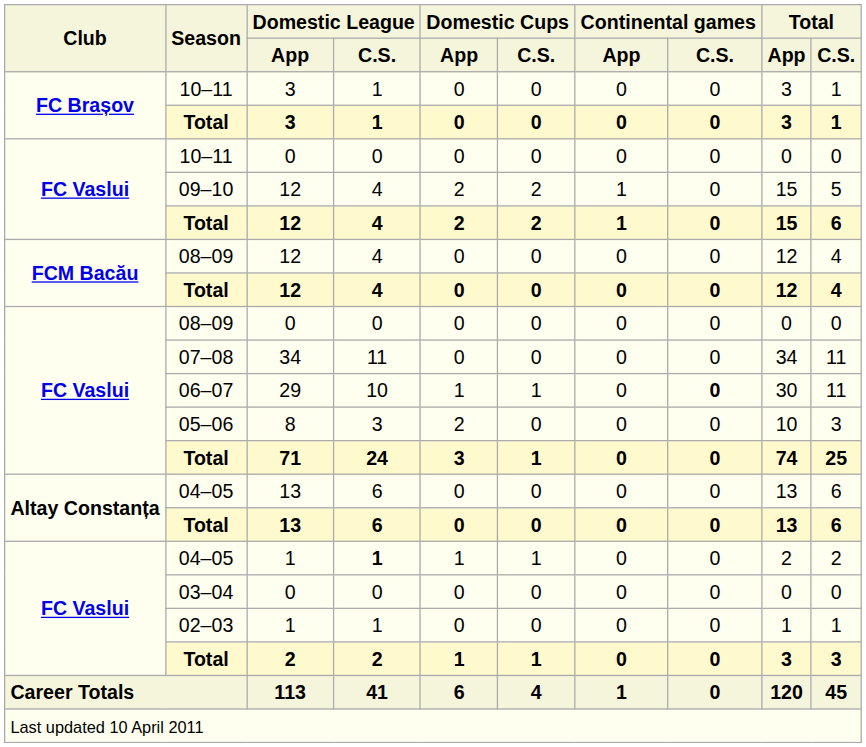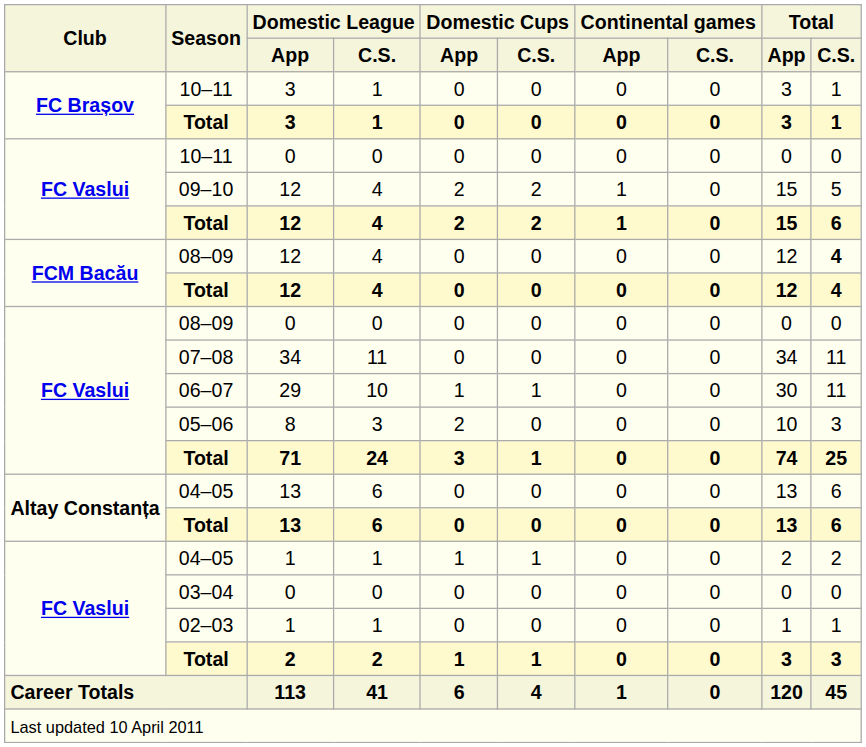 <table border=1 cellpadding=4 cellspacing=2 style="background: ivory; font-size: 95%; border: 1px #aaaaaa solid; border-collapse: collapse; clear:center">
 <tr style="background:beige">
 <th rowspan="2">Club</th>
 <th rowspan="2">Season</th>
 <th colspan="2">Domestic League</th>
 <th colspan="2">Domestic Cups</th>
 <th colspan="2">Continental games</th>
 <th colspan="2">Total</th>
 </tr>
 <tr style="background:beige">
 <th>App</th>
 <th>C.S.</th>
 <th>App</th>
 <th>C.S.</th>
 <th>App</th>
 <th>C.S.</th>
 <th>App</th>
 <th>C.S.</th>
 </tr>
 <tr>
 <td rowspan="2" align=center valign=center><strong><a href='#'>FC Brașov</a></strong></td>
 <td align="center">10–11</td>
 <td align="center">3</td>
 <td align="center">1</td>
 <td align="center">0</td>
 <td align="center">0</td>
 <td align="center">0</td>
 <td align="center">0</td>
 <td align="center">3</td>
 <td align="center">1</td>
 </tr>
 <tr style="background:lemonchiffon">
 <th>Total</th>
 <th>3</th>
 <th>1</th>
 <th>0</th>
 <th>0</th>
 <th>0</th>
 <th>0</th>
 <th>3</th>
 <th>1</th>
 </tr>
 <tr>
 <td rowspan="3" align=center valign=center><strong><a href='#'>FC Vaslui</a></strong></td>
 <td align="center">10–11</td>
 <td align="center">0</td>
 <td align="center">0</td>
 <td align="center">0</td>
 <td align="center">0</td>
 <td align="center">0</td>
 <td align="center">0</td>
 <td align="center">0</td>
 <td align="center">0</td>
 </tr>
 <tr>
 <td align="center">09–10</td>
 <td align="center">12</td>
 <td align="center">4</td>
 <td align="center">2</td>
 <td align="center">2</td>
 <td align="center">1</td>
 <td align="center">0</td>
 <td align="center">15</td>
 <td align="center">5</td>
 </tr>
 <tr style="background:lemonchiffon">
 <th>Total</th>
 <th>12</th>
 <th>4</th>
 <th>2</th>
 <th>2</th>
 <th>1</th>
 <th>0</th>
 <th>15</th>
 <th>6</th>
 </tr>
 <tr>
 <td rowspan="2" align=center valign=center><strong><a href='#'>FCM Bacău</a></strong></td>
 <td align="center">08–09</td>
 <td align="center">12</td>
 <td align="center">4</td>
 <td align="center">0</td>
 <td align="center">0</td>
 <td align="center">0</td>
 <td align="center">0</td>
 <td align="center">12</td>
-<td align="center">4</td>
+<td align="center"><strong>4</strong></td>
 </tr>
 <tr style="background:lemonchiffon">
 <th>Total</th>
 <th>12</th>
 <th>4</th>
 <th>0</th>
 <th>0</th>
 <th>0</th>
 <th>0</th>
 <th>12</th>
 <th>4</th>
 </tr>
 <tr>
 <td rowspan="5" align=center valign=center><strong><a href='#'>FC Vaslui</a></strong></td>
 <td align="center">08–09</td>
 <td align="center">0</td>
 <td align="center">0</td>
 <td align="center">0</td>
 <td align="center">0</td>
 <td align="center">0</td>
 <td align="center">0</td>
 <td align="center">0</td>
 <td align="center">0</td>
 </tr>
 <tr>
 <td align="center">07–08</td>
 <td align="center">34</td>
 <td align="center">11</td>
 <td align="center">0</td>
 <td align="center">0</td>
 <td align="center">0</td>
 <td align="center">0</td>
 <td align="center">34</td>
 <td align="center">11</td>
 </tr>
 <tr>
 <td align="center">06–07</td>
 <td align="center">29</td>
 <td align="center">10</td>
 <td align="center">1</td>
 <td align="center">1</td>
 <td align="center">0</td>
-<td align="center"><strong>0</strong></td>
+<td align="center">0</td>
 <td align="center">30</td>
 <td align="center">11</td>
 </tr>
 <tr>
 <td align="center">05–06</td>
 <td align="center">8</td>
 <td align="center">3</td>
 <td align="center">2</td>
 <td align="center">0</td>
 <td align="center">0</td>
 <td align="center">0</td>
 <td align="center">10</td>
 <td align="center">3</td>
 </tr>
 <tr style="background:lemonchiffon">
 <th>Total</th>
 <th>71</th>
 <th>24</th>
 <th>3</th>
 <th>1</th>
 <th>0</th>
 <th>0</th>
 <th>74</th>
 <th>25</th>
 </tr>
 <tr>
 <td rowspan="2" align=center valign=center><strong>Altay Constanța</strong></td>
 <td align="center">04–05</td>
 <td align="center">13</td>
 <td align="center">6</td>
 <td align="center">0</td>
 <td align="center">0</td>
 <td align="center">0</td>
 <td align="center">0</td>
 <td align="center">13</td>
 <td align="center">6</td>
 </tr>
 <tr style="background:lemonchiffon">
 <th>Total</th>
 <th>13</th>
 <th>6</th>
 <th>0</th>
 <th>0</th>
 <th>0</th>
 <th>0</th>
 <th>13</th>
 <th>6</th>
 </tr>
 <tr>
 <td rowspan="4" align=center valign=center><strong><a href='#'>FC Vaslui</a></strong></td>
 <td align="center">04–05</td>
 <td align="center">1</td>
-<td align="center"><strong>1</strong></td>
+<td align="center">1</td>
 <td align="center">1</td>
 <td align="center">1</td>
 <td align="center">0</td>
 <td align="center">0</td>
 <td align="center">2</td>
 <td align="center">2</td>
 </tr>
 <tr>
 <td align="center">03–04</td>
 <td align="center">0</td>
 <td align="center">0</td>
 <td align="center">0</td>
 <td align="center">0</td>
 <td align="center">0</td>
 <td align="center">0</td>
 <td align="center">0</td>
 <td align="center">0</td>
 </tr>
 <tr>
 <td align="center">02–03</td>
 <td align="center">1</td>
 <td align="center">1</td>
 <td align="center">0</td>
 <td align="center">0</td>
 <td align="center">0</td>
 <td align="center">0</td>
 <td align="center">1</td>
 <td align="center">1</td>
 </tr>
 <tr style="background:lemonchiffon">
 <th>Total</th>
 <th>2</th>
 <th>2</th>
 <th>1</th>
 <th>1</th>
 <th>0</th>
 <th>0</th>
 <th>3</th>
 <th>3</th>
 </tr>
 <tr>
 <th style="background:beige" colspan="2" align="left">Career Totals</th>
 <th style="background:beige">113</th>
 <th style="background:beige">41</th>
 <th style="background:beige">6</th>
 <th style="background:beige">4</th>
 <th style="background:beige">1</th>
 <th style="background:beige">0</th>
 <th style="background:beige">120</th>
 <th style="background:beige">45</th>
 </tr>
 <tr>
 <td colspan="12"><small>Last updated 10 April 2011</small></td>
 </tr>
 </table>
